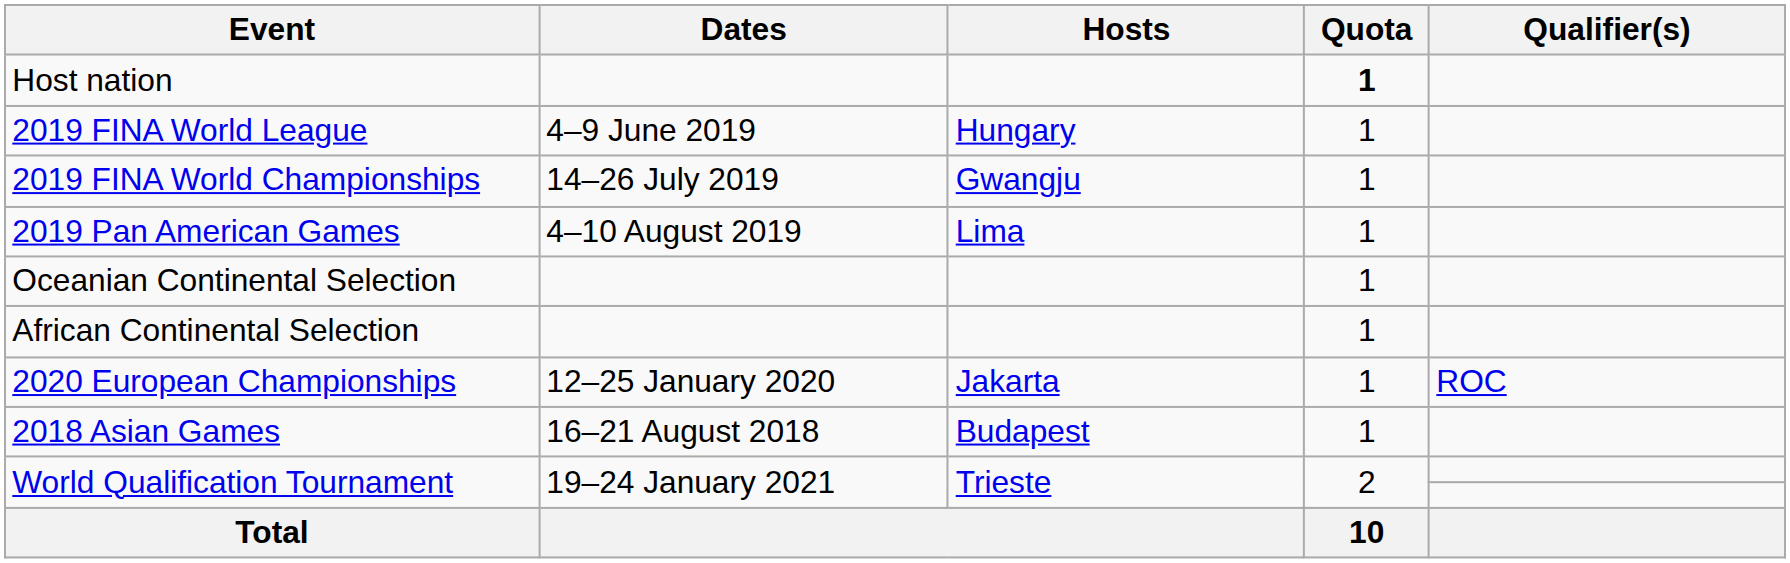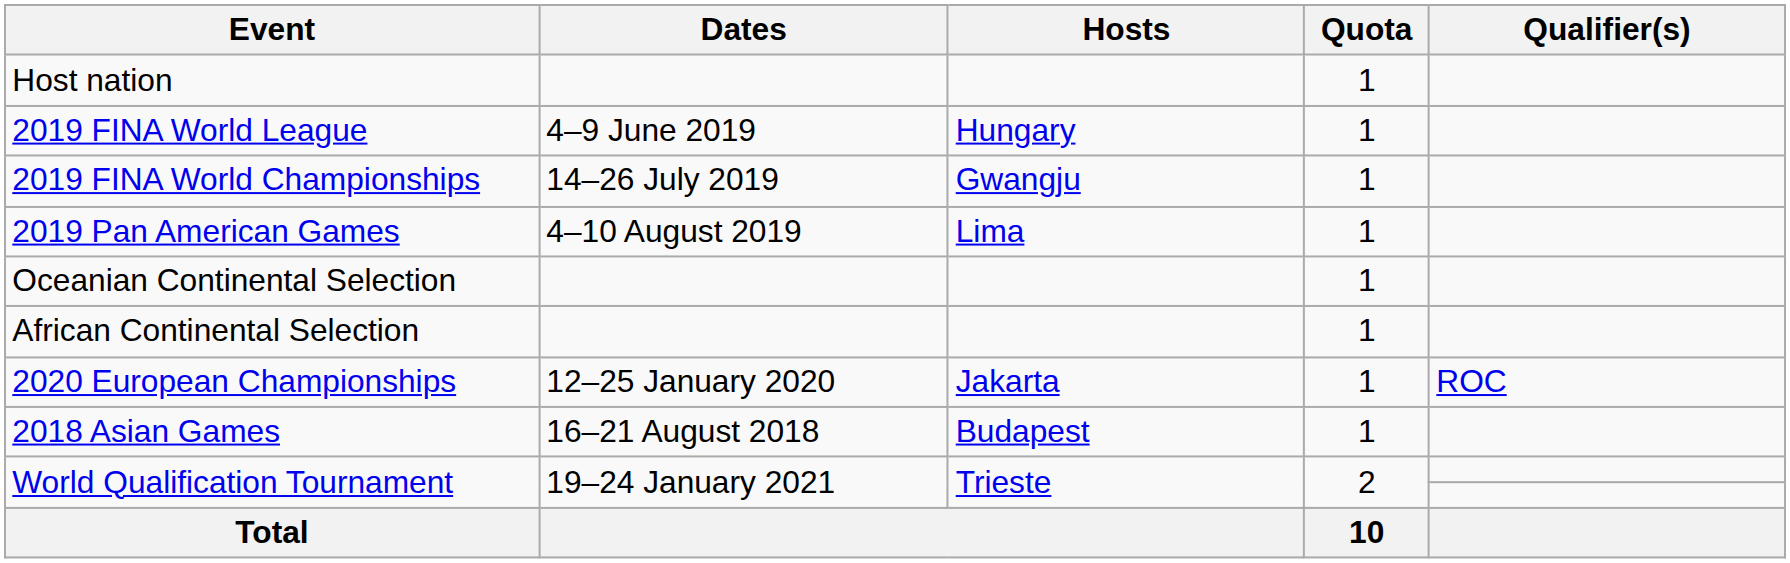 <table class="wikitable" style="width: 900px;">
 <tr>
 <th style="width: 30%;">Event</th>
 <th style-"width: 23%;">Dates</th>
 <th style="width: 20%;">Hosts</th>
 <th style="width: 7%;">Quota</th>
 <th style="width: 20%;">Qualifier(s)</th>
 </tr>
 <tr>
 <td>Host nation</td>
 <td></td>
 <td></td>
-<td align="center"><strong>1</strong></td>
+<td align="center">1</td>
 <td></td>
 </tr>
 <tr>
 <td><a href='#'>2019 FINA World League</a></td>
 <td>4–9 June 2019</td>
 <td> <a href='#'>Hungary</a></td>
 <td align="center">1</td>
 <td></td>
 </tr>
 <tr>
 <td><a href='#'>2019 FINA World Championships</a></td>
 <td>14–26 July 2019</td>
 <td> <a href='#'>Gwangju</a></td>
 <td align="center">1</td>
 <td></td>
 </tr>
 <tr>
 <td><a href='#'>2019 Pan American Games</a></td>
 <td>4–10 August 2019</td>
 <td> <a href='#'>Lima</a></td>
 <td align="center">1</td>
 <td></td>
 </tr>
 <tr>
 <td>Oceanian Continental Selection</td>
 <td></td>
 <td></td>
 <td align="center">1</td>
 <td></td>
 </tr>
 <tr>
 <td>African Continental Selection</td>
 <td></td>
 <td></td>
 <td align="center">1</td>
 <td></td>
 </tr>
 <tr>
 <td><a href='#'>2020 European Championships</a></td>
 <td>12–25 January 2020</td>
 <td> <a href='#'>Jakarta</a></td>
 <td align="center">1</td>
 <td> <a href='#'>ROC</a></td>
 </tr>
 <tr>
 <td><a href='#'>2018 Asian Games</a></td>
 <td>16–21 August 2018</td>
 <td> <a href='#'>Budapest</a></td>
 <td align="center">1</td>
 <td></td>
 </tr>
 <tr>
 <td rowspan="2"><a href='#'>World Qualification Tournament</a></td>
 <td rowspan="2">19–24 January 2021</td>
 <td rowspan=2> <a href='#'>Trieste</a></td>
 <td rowspan=2 align="center">2</td>
 <td></td>
 </tr>
 <tr>
 <td></td>
 </tr>
 <tr>
 <th>Total</th>
 <th colspan="2"></th>
 <th>10</th>
 <th></th>
 </tr>
 </table>
